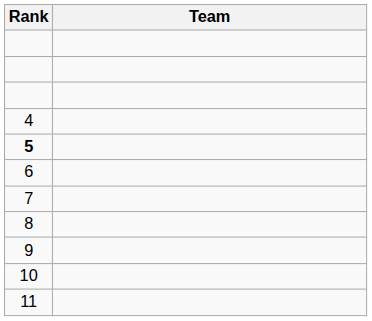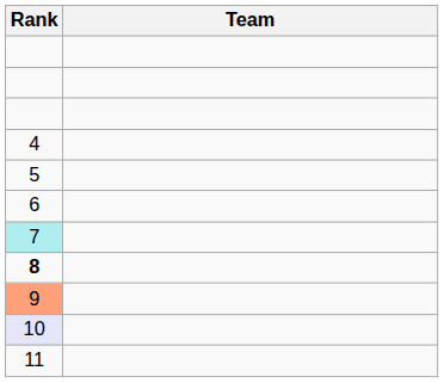 <table class="wikitable" style="text-align:center;">
 <tr>
 <th width=40>Rank</th>
 <th width=300>Team</th>
 </tr>
 <tr>
 <td></td>
 <td style="text-align:left;"><br></td>
 </tr>
 <tr>
 <td></td>
 <td style="text-align:left;"><br></td>
 </tr>
 <tr>
 <td></td>
 <td style="text-align:left;"><br></td>
 </tr>
 <tr>
 <td>4</td>
 <td style="text-align:left;"><br></td>
 </tr>
 <tr>
-<td><strong>5</strong></td>
+<td>5</td>
 <td style="text-align:left;"><br></td>
 </tr>
 <tr>
 <td>6</td>
 <td style="text-align:left;"><br></td>
 </tr>
 <tr>
-<td>7</td>
+<td style="background: paleturquoise;">7</td>
 <td style="text-align:left;"><br></td>
 </tr>
 <tr>
-<td>8</td>
+<td><strong>8</strong></td>
 <td style="text-align:left;"><br></td>
 </tr>
 <tr>
-<td>9</td>
+<td style="background: lightsalmon;">9</td>
 <td style="text-align:left;"><br></td>
 </tr>
 <tr>
-<td>10</td>
+<td style="background: lavender;">10</td>
 <td style="text-align:left;"><br></td>
 </tr>
 <tr>
 <td>11</td>
 <td style="text-align:left;"><br></td>
 </tr>
 </table>
